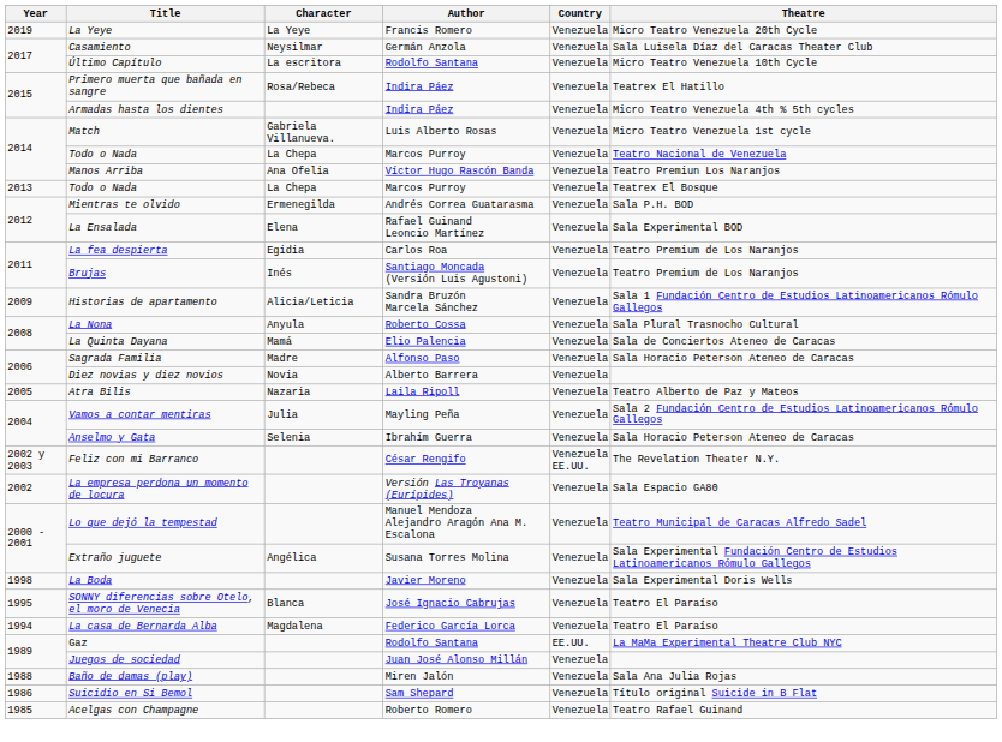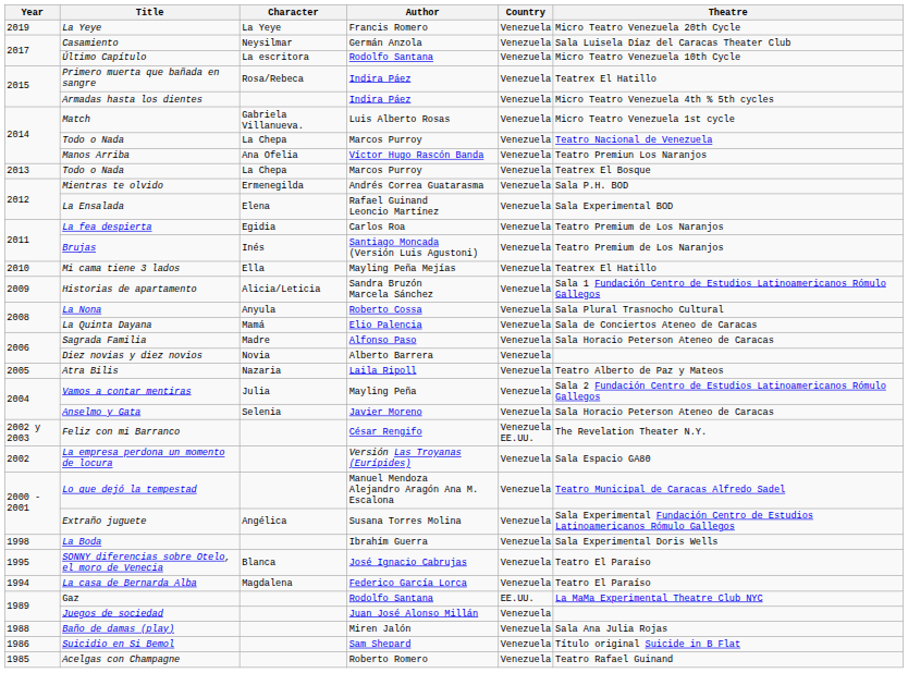 <table class="wikitable sortable">
 <tr>
 <th>Year</th>
 <th>Title</th>
 <th>Character</th>
 <th>Author</th>
 <th>Country</th>
 <th>Theatre</th>
 </tr>
 <tr>
 <td>2019</td>
 <td><em>La Yeye</em></td>
 <td>La Yeye</td>
 <td>Francis Romero</td>
 <td>Venezuela</td>
 <td>Micro Teatro Venezuela 20th Cycle</td>
 </tr>
 <tr>
 <td rowspan="2">2017</td>
 <td><em>Casamiento</em></td>
 <td>Neysilmar</td>
 <td>Germán Anzola</td>
 <td>Venezuela</td>
 <td>Sala Luisela Díaz del Caracas Theater Club</td>
 </tr>
 <tr>
 <td><em>Último Capítulo</em></td>
 <td>La escritora</td>
 <td><a href='#'>Rodolfo Santana</a></td>
 <td>Venezuela</td>
 <td>Micro Teatro Venezuela 10th Cycle</td>
 </tr>
 <tr>
 <td rowspan="2">2015</td>
 <td><em>Primero muerta que bañada en sangre</em></td>
 <td>Rosa/Rebeca</td>
 <td><a href='#'>Indira Páez</a></td>
 <td>Venezuela</td>
 <td>Teatrex El Hatillo</td>
 </tr>
 <tr>
 <td><em>Armadas hasta los dientes</em></td>
 <td></td>
 <td><a href='#'>Indira Páez</a></td>
 <td>Venezuela</td>
 <td>Micro Teatro Venezuela 4th % 5th cycles</td>
 </tr>
 <tr>
 <td rowspan="3">2014</td>
 <td><em>Match</em></td>
 <td>Gabriela Villanueva.</td>
 <td>Luis Alberto Rosas</td>
 <td>Venezuela</td>
 <td>Micro Teatro Venezuela 1st cycle</td>
 </tr>
 <tr>
 <td><em>Todo o Nada</em></td>
 <td>La Chepa</td>
 <td>Marcos Purroy</td>
 <td>Venezuela</td>
 <td><a href='#'>Teatro Nacional de Venezuela</a></td>
 </tr>
 <tr>
 <td><em>Manos Arriba</em></td>
 <td>Ana Ofelia</td>
 <td><a href='#'>Víctor Hugo Rascón Banda</a></td>
 <td>Venezuela</td>
 <td>Teatro Premiun Los Naranjos</td>
 </tr>
 <tr>
 <td>2013</td>
 <td><em>Todo o Nada</em></td>
 <td>La Chepa</td>
 <td>Marcos Purroy</td>
 <td>Venezuela</td>
 <td>Teatrex El Bosque</td>
 </tr>
 <tr>
 <td rowspan="2">2012</td>
 <td><em>Mientras te olvido</em></td>
 <td>Ermenegilda</td>
 <td>Andrés Correa Guatarasma</td>
 <td>Venezuela</td>
 <td>Sala P.H. BOD</td>
 </tr>
 <tr>
 <td><em>La Ensalada</em></td>
 <td>Elena</td>
 <td>Rafael Guinand<br>Leoncio Martínez</td>
 <td>Venezuela</td>
 <td>Sala Experimental BOD</td>
 </tr>
 <tr>
 <td rowspan="2">2011</td>
 <td><em><a href='#'>La fea despierta</a></em></td>
 <td>Egidia</td>
 <td>Carlos Roa</td>
 <td>Venezuela</td>
 <td>Teatro Premium de Los Naranjos</td>
 </tr>
 <tr>
 <td><em><a href='#'>Brujas</a></em></td>
 <td>Inés</td>
 <td><a href='#'>Santiago Moncada</a><br>(Versión Luis Agustoni)</td>
 <td>Venezuela</td>
 <td>Teatro Premium de Los Naranjos</td>
 </tr>
 <tr>
+<td>2010</td>
+<td><em>Mi cama tiene 3 lados</em></td>
+<td>Ella</td>
+<td>Mayling Peña Mejías</td>
+<td>Venezuela</td>
+<td>Teatrex El Hatillo</td>
+</tr>
+<tr>
 <td>2009</td>
 <td><em>Historias de apartamento</em></td>
 <td>Alicia/Leticia</td>
 <td>Sandra Bruzón<br>Marcela Sánchez</td>
 <td>Venezuela</td>
 <td>Sala 1 <a href='#'>Fundación Centro de Estudios Latinoamericanos Rómulo Gallegos</a></td>
 </tr>
 <tr>
 <td rowspan="2">2008</td>
 <td><em><a href='#'>La Nona</a></em></td>
 <td>Anyula</td>
 <td><a href='#'>Roberto Cossa</a></td>
 <td>Venezuela</td>
 <td>Sala Plural Trasnocho Cultural</td>
 </tr>
 <tr>
 <td><em>La Quinta Dayana</em></td>
 <td>Mamá</td>
 <td><a href='#'>Elio Palencia</a></td>
 <td>Venezuela</td>
 <td>Sala de Conciertos Ateneo de Caracas</td>
 </tr>
 <tr>
 <td rowspan="2">2006</td>
 <td><em>Sagrada Familia</em></td>
 <td>Madre</td>
 <td><a href='#'>Alfonso Paso</a></td>
 <td>Venezuela</td>
 <td>Sala Horacio Peterson Ateneo de Caracas</td>
 </tr>
 <tr>
 <td><em>Diez novias y diez novios</em></td>
 <td>Novia</td>
 <td>Alberto Barrera</td>
 <td>Venezuela</td>
 <td></td>
 </tr>
 <tr>
 <td>2005</td>
 <td><em>Atra Bilis</em></td>
 <td>Nazaria</td>
 <td><a href='#'>Laila Ripoll</a></td>
 <td>Venezuela</td>
 <td>Teatro Alberto de Paz y Mateos</td>
 </tr>
 <tr>
 <td rowspan="2">2004</td>
 <td><em><a href='#'>Vamos a contar mentiras</a></em></td>
 <td>Julia</td>
 <td>Mayling Peña</td>
 <td>Venezuela</td>
 <td>Sala 2 <a href='#'>Fundación Centro de Estudios Latinoamericanos Rómulo Gallegos</a></td>
 </tr>
 <tr>
 <td><em><a href='#'>Anselmo y Gata</a></em></td>
 <td>Selenia</td>
-<td>Ibrahím Guerra</td>
+<td><a href='#'>Javier Moreno</a></td>
 <td>Venezuela</td>
 <td>Sala Horacio Peterson Ateneo de Caracas</td>
 </tr>
 <tr>
 <td>2002 y 2003</td>
 <td><em>Feliz con mi Barranco</em></td>
 <td></td>
 <td><a href='#'>César Rengifo</a></td>
 <td>Venezuela<br>EE.UU.</td>
 <td>The Revelation Theater N.Y.</td>
 </tr>
 <tr>
 <td>2002</td>
 <td><em><a href='#'>La empresa perdona un momento de locura</a></em></td>
 <td></td>
 <td><em>Versión <a href='#'>Las Troyanas (Eurípides)</a></em></td>
 <td>Venezuela</td>
 <td>Sala Espacio GA80</td>
 </tr>
 <tr>
 <td rowspan="2">2000 - 2001</td>
 <td><em><a href='#'>Lo que dejó la tempestad</a></em></td>
 <td></td>
 <td>Manuel Mendoza<br>Alejandro Aragón Ana M. Escalona</td>
 <td>Venezuela</td>
 <td><a href='#'>Teatro Municipal de Caracas Alfredo Sadel</a></td>
 </tr>
 <tr>
 <td><em>Extraño juguete</em></td>
 <td>Angélica</td>
 <td>Susana Torres Molina</td>
 <td>Venezuela</td>
 <td>Sala Experimental <a href='#'>Fundación Centro de Estudios Latinoamericanos Rómulo Gallegos</a></td>
 </tr>
 <tr>
 <td>1998</td>
 <td><em><a href='#'>La Boda</a></em></td>
 <td></td>
-<td><a href='#'>Javier Moreno</a></td>
+<td>Ibrahím Guerra</td>
 <td>Venezuela</td>
 <td>Sala Experimental Doris Wells</td>
 </tr>
 <tr>
 <td>1995</td>
 <td><em><a href='#'>SONNY diferencias sobre Otelo</a>,</em><br><em><a href='#'>el moro de Venecia</a></em></td>
 <td>Blanca</td>
 <td><a href='#'>José Ignacio Cabrujas</a></td>
 <td>Venezuela</td>
 <td>Teatro El Paraíso</td>
 </tr>
 <tr>
 <td>1994</td>
 <td><em><a href='#'>La casa de Bernarda Alba</a></em></td>
 <td>Magdalena</td>
 <td><a href='#'>Federico García Lorca</a></td>
 <td>Venezuela</td>
 <td>Teatro El Paraíso</td>
 </tr>
 <tr>
 <td rowspan="2">1989</td>
 <td>Gaz</td>
 <td></td>
 <td><a href='#'>Rodolfo Santana</a></td>
 <td>EE.UU.</td>
 <td><a href='#'>La MaMa Experimental Theatre Club NYC</a></td>
 </tr>
 <tr>
 <td><em><a href='#'>Juegos de sociedad</a></em></td>
 <td></td>
 <td><a href='#'>Juan José Alonso Millán</a></td>
 <td>Venezuela</td>
 <td></td>
 </tr>
 <tr>
 <td>1988</td>
 <td><em><a href='#'>Baño de damas (play)</a></em></td>
 <td></td>
 <td>Miren Jalón</td>
 <td>Venezuela</td>
 <td>Sala Ana Julia Rojas</td>
 </tr>
 <tr>
 <td>1986</td>
 <td><em><a href='#'>Suicidio en Si Bemol</a></em></td>
 <td></td>
 <td><a href='#'>Sam Shepard</a></td>
 <td>Venezuela</td>
 <td>Título original <a href='#'>Suicide in B Flat</a></td>
 </tr>
 <tr>
 <td>1985</td>
 <td><em>Acelgas con Champagne</em></td>
 <td></td>
 <td>Roberto Romero</td>
 <td>Venezuela</td>
 <td>Teatro Rafael Guinand</td>
 </tr>
 </table>
